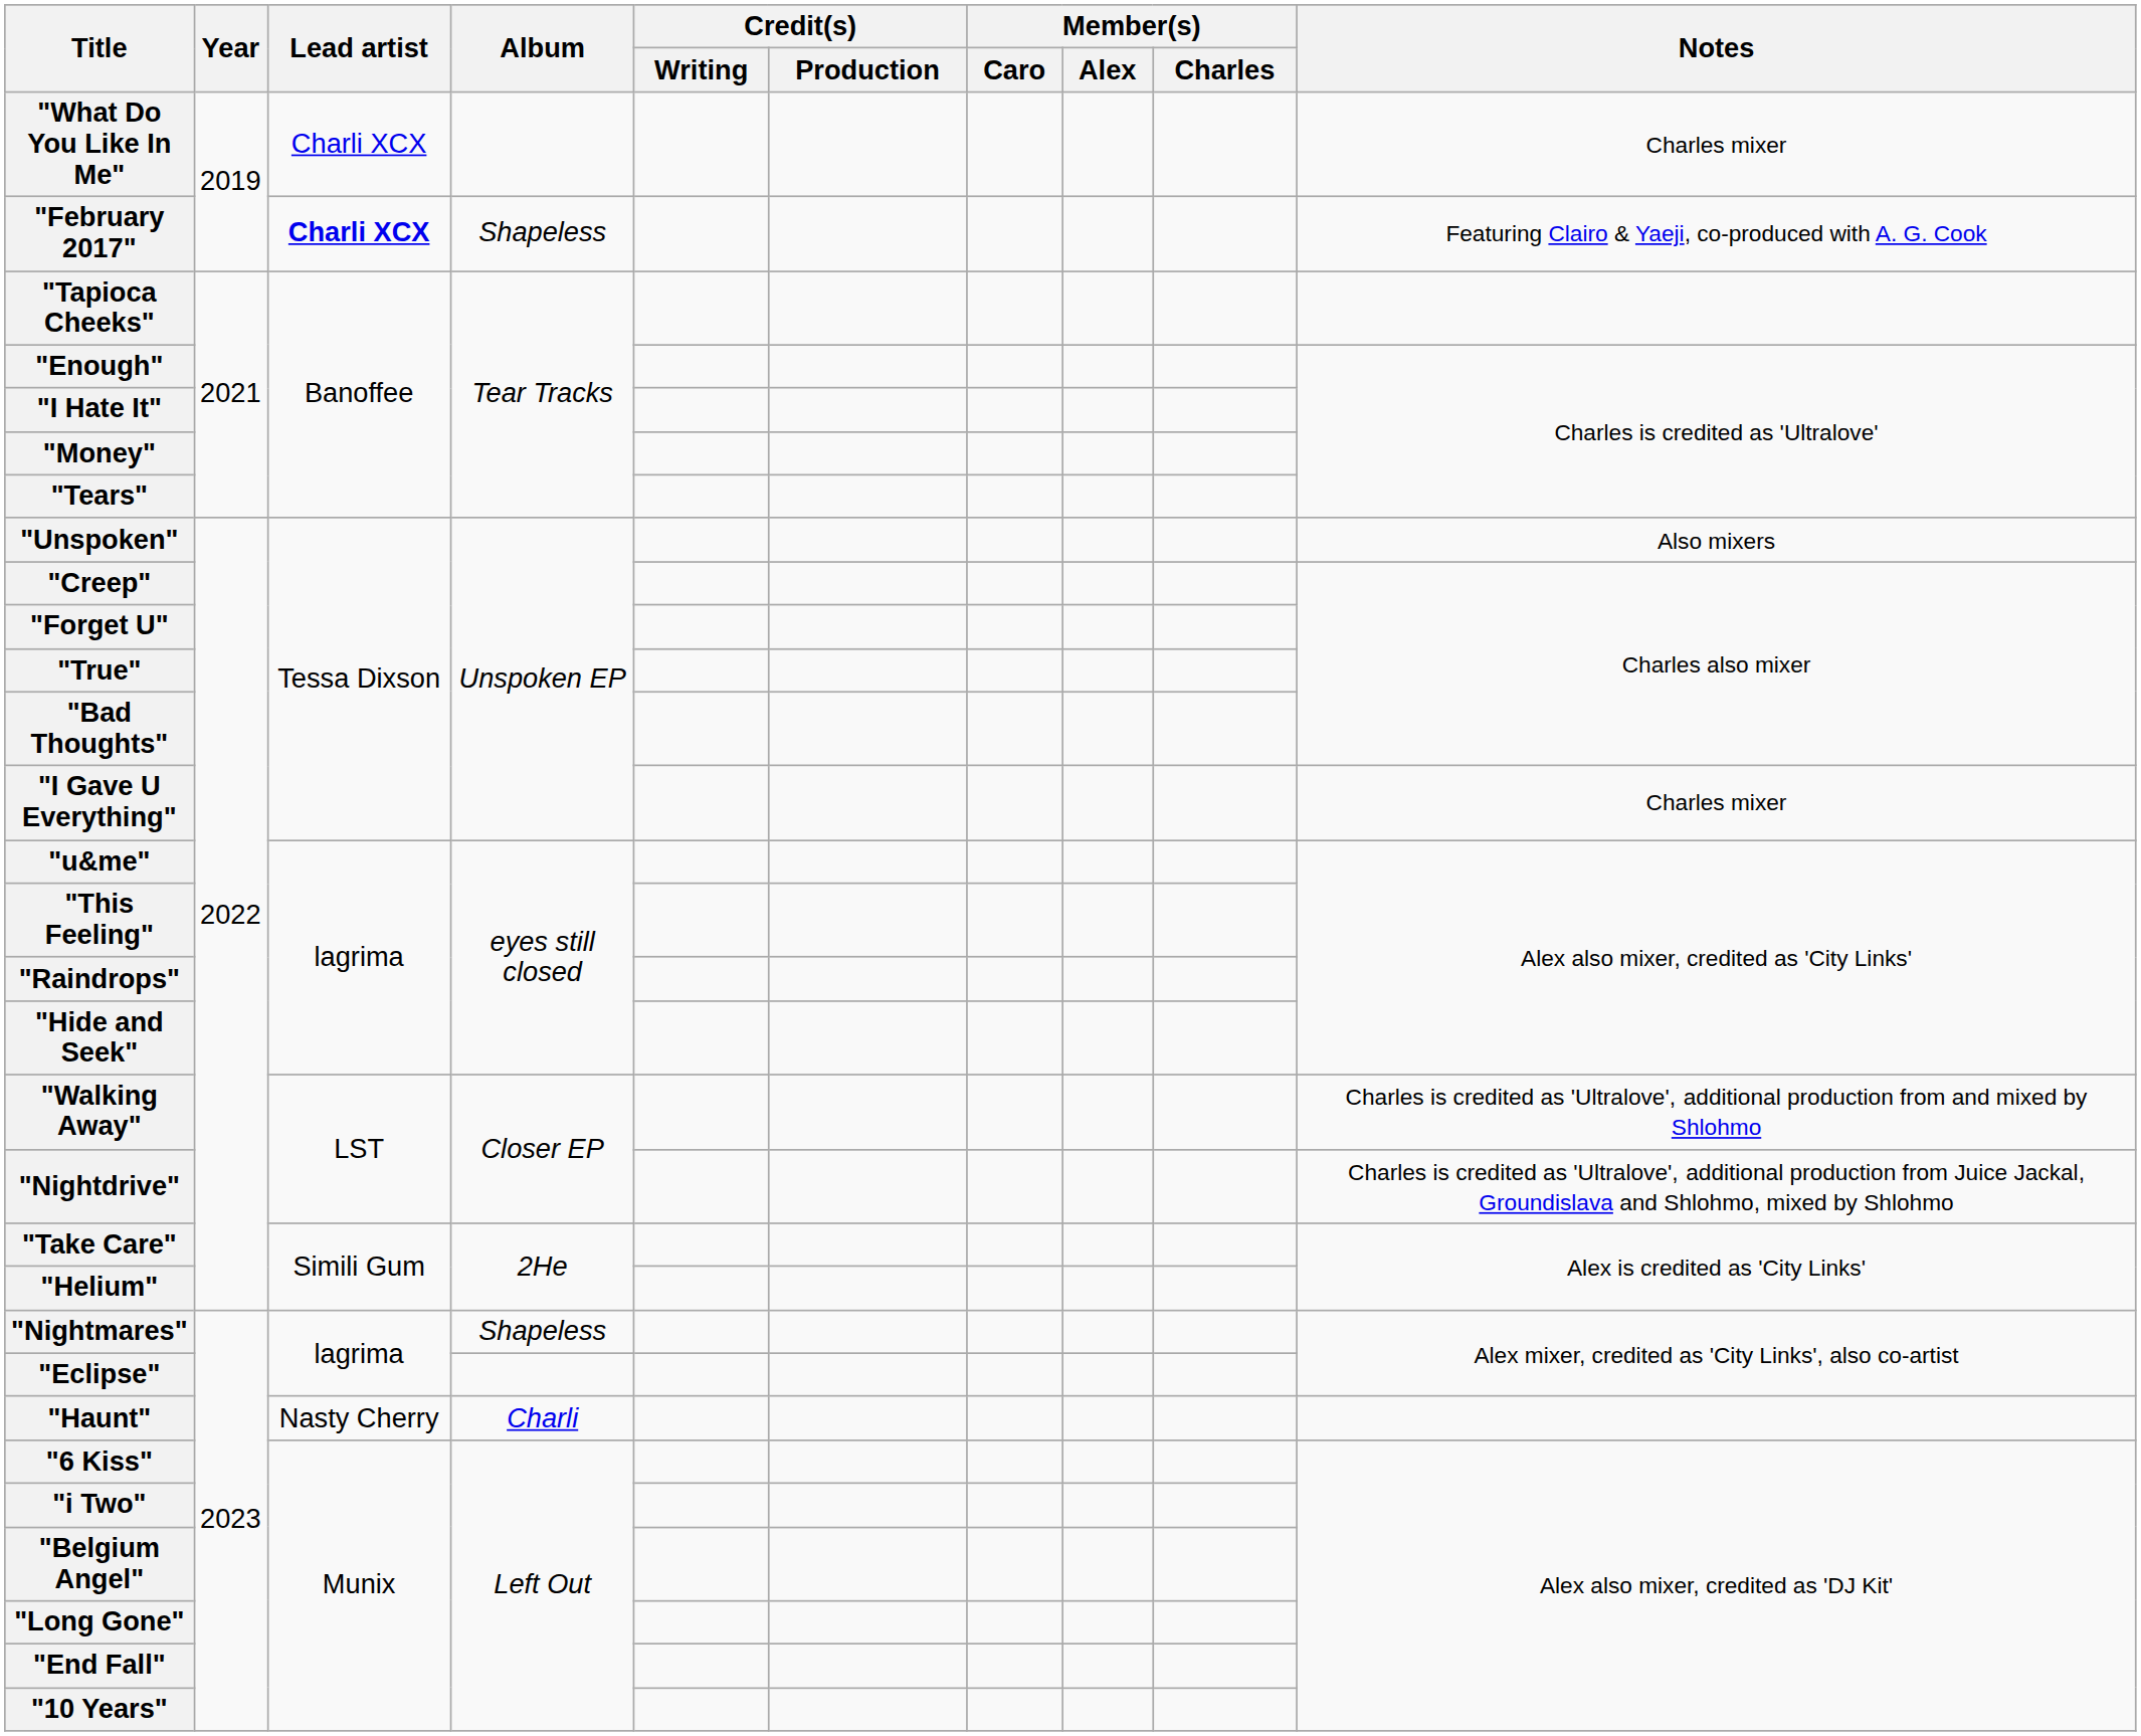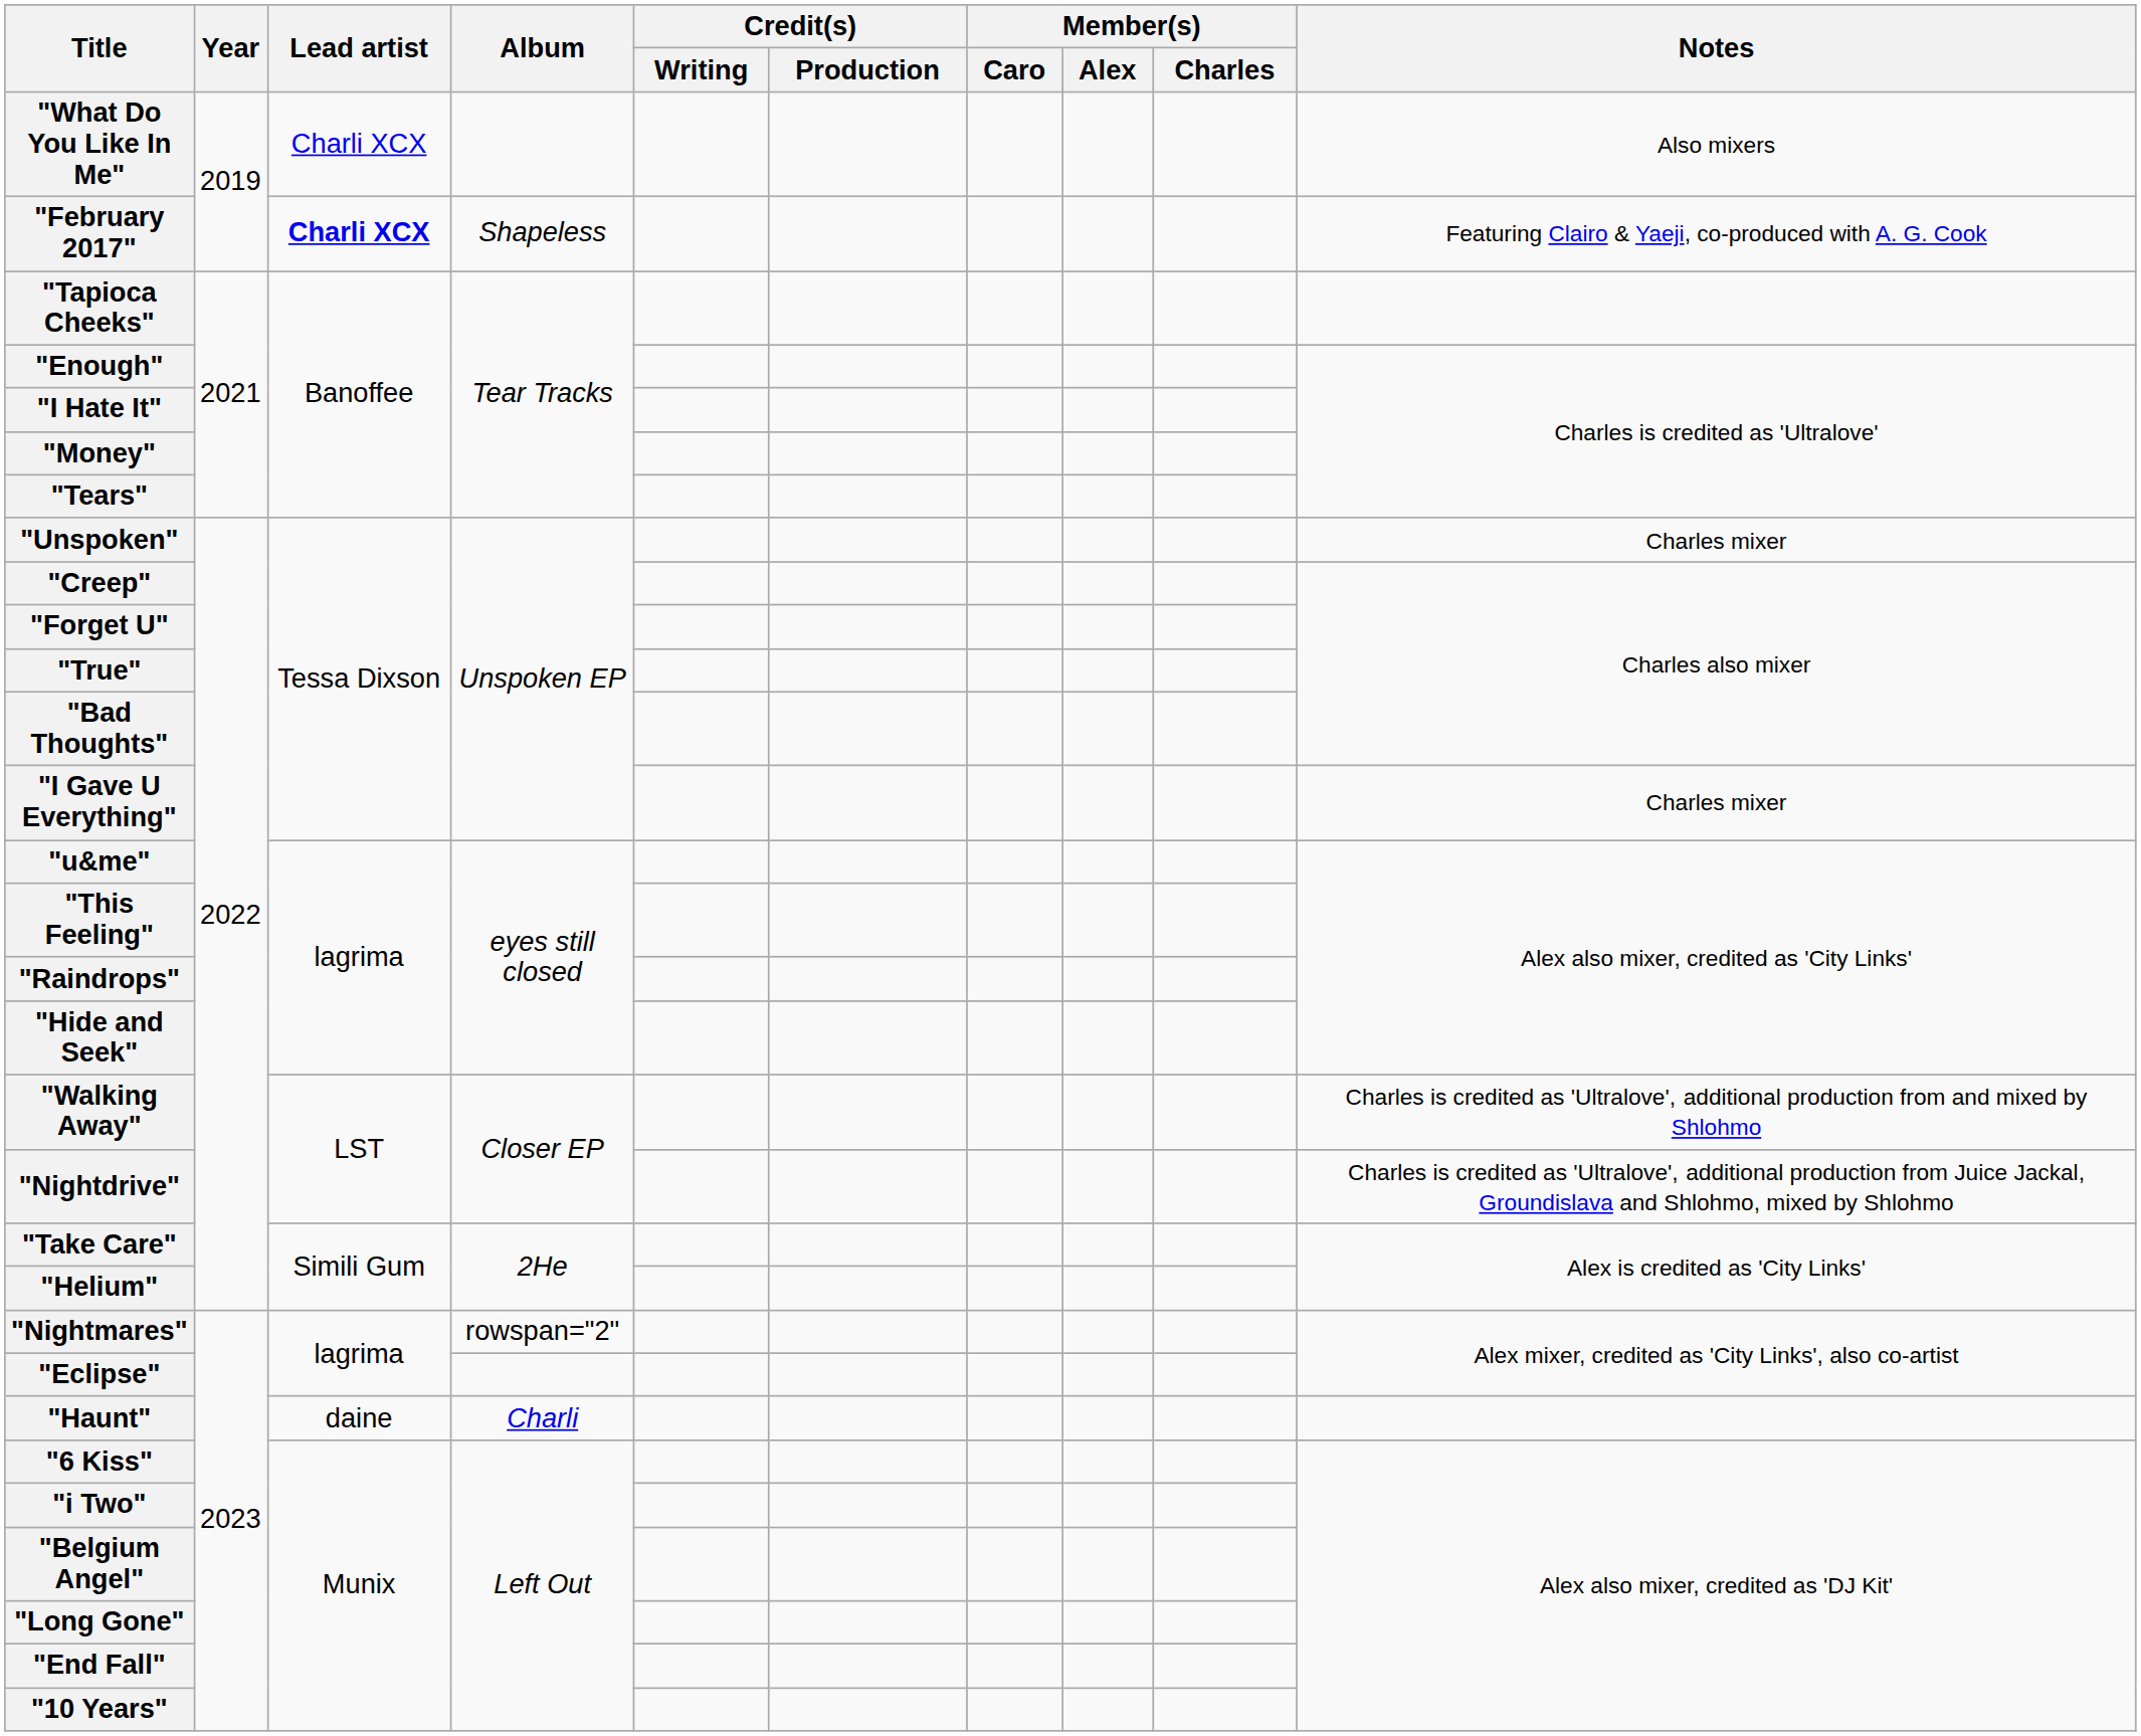 <table class="wikitable plainrowheaders" style="text-align:center;">
 <tr>
 <th rowspan="2" width="100" scope="col">Title</th>
 <th rowspan="2" width="30" scope="col">Year</th>
 <th rowspan="2" width="100" scope="col">Lead artist</th>
 <th rowspan="2" width="100" scope="col">Album</th>
 <th colspan="2" width="210" scope="col">Credit(s)</th>
 <th colspan="3" width="210" scope="col">Member(s)</th>
 <th rowspan="2" scope="col">Notes</th>
 </tr>
 <tr>
 <th scope="col">Writing</th>
 <th scope="col">Production</th>
 <th scope="col">Caro</th>
 <th scope="col">Alex</th>
 <th scope="col">Charles</th>
 </tr>
 <tr>
 <th scope="row">"What Do You Like In Me"</th>
 <td rowspan="2">2019</td>
 <td><a href='#'>Charli XCX</a></td>
 <td></td>
 <td></td>
 <td></td>
 <td></td>
 <td></td>
 <td></td>
-<td><small>Charles mixer</small></td>
+<td><small>Also mixers</small></td>
 </tr>
 <tr>
 <th scope="row">"February 2017"</th>
 <td><strong><a href='#'>Charli XCX</a></strong></td>
 <td><em>Shapeless</em></td>
 <td></td>
 <td></td>
 <td></td>
 <td></td>
 <td></td>
 <td><small>Featuring <a href='#'>Clairo</a> & <a href='#'>Yaeji</a>, co-produced with <a href='#'>A. G. Cook</a></small></td>
 </tr>
 <tr>
 <th scope="row">"Tapioca Cheeks"</th>
 <td rowspan="5">2021</td>
 <td rowspan="5">Banoffee</td>
 <td rowspan="5"><em>Tear Tracks</em></td>
 <td></td>
 <td></td>
 <td></td>
 <td></td>
 <td></td>
 <td></td>
 </tr>
 <tr>
 <th scope="row">"Enough"</th>
 <td></td>
 <td></td>
 <td></td>
 <td></td>
 <td></td>
 <td rowspan="4"><small>Charles is credited as 'Ultralove'</small></td>
 </tr>
 <tr>
 <th scope="row">"I Hate It"</th>
 <td></td>
 <td></td>
 <td></td>
 <td></td>
 <td></td>
 </tr>
 <tr>
 <th scope="row">"Money"</th>
 <td></td>
 <td></td>
 <td></td>
 <td></td>
 <td></td>
 </tr>
 <tr>
 <th scope="row">"Tears"</th>
 <td></td>
 <td></td>
 <td></td>
 <td></td>
 <td></td>
 </tr>
 <tr>
 <th scope="row">"Unspoken"</th>
 <td rowspan="14">2022</td>
 <td rowspan="6">Tessa Dixson</td>
 <td rowspan="6"><em>Unspoken EP</em></td>
 <td></td>
 <td></td>
 <td></td>
 <td></td>
 <td></td>
-<td><small>Also mixers</small></td>
+<td><small>Charles mixer</small></td>
 </tr>
 <tr>
 <th scope="row">"Creep"</th>
 <td></td>
 <td></td>
 <td></td>
 <td></td>
 <td></td>
 <td rowspan="4"><small>Charles also mixer</small></td>
 </tr>
 <tr>
 <th scope="row">"Forget U"</th>
 <td></td>
 <td></td>
 <td></td>
 <td></td>
 <td></td>
 </tr>
 <tr>
 <th scope="row">"True"</th>
 <td></td>
 <td></td>
 <td></td>
 <td></td>
 <td></td>
 </tr>
 <tr>
 <th scope="row">"Bad Thoughts"</th>
 <td></td>
 <td></td>
 <td></td>
 <td></td>
 <td></td>
 </tr>
 <tr>
 <th scope="row">"I Gave U Everything"</th>
 <td></td>
 <td></td>
 <td></td>
 <td></td>
 <td></td>
 <td><small>Charles mixer</small></td>
 </tr>
 <tr>
 <th scope="row">"u&me"</th>
 <td rowspan="4">lagrima</td>
 <td rowspan="4"><em>eyes still closed</em></td>
 <td></td>
 <td></td>
 <td></td>
 <td></td>
 <td></td>
 <td rowspan="4"><small>Alex also mixer, credited as 'City Links'</small></td>
 </tr>
 <tr>
 <th scope="row">"This Feeling"</th>
 <td></td>
 <td></td>
 <td></td>
 <td></td>
 <td></td>
 </tr>
 <tr>
 <th scope="row">"Raindrops"</th>
 <td></td>
 <td></td>
 <td></td>
 <td></td>
 <td></td>
 </tr>
 <tr>
 <th scope="row">"Hide and Seek"</th>
 <td></td>
 <td></td>
 <td></td>
 <td></td>
 <td></td>
 </tr>
 <tr>
 <th scope="row">"Walking Away"</th>
 <td rowspan="2">LST</td>
 <td rowspan="2"><em>Closer EP</em></td>
 <td></td>
 <td></td>
 <td></td>
 <td></td>
 <td></td>
 <td><small>Charles is credited as 'Ultralove',</small> <small>additional production from and mixed by <a href='#'>Shlohmo</a></small></td>
 </tr>
 <tr>
 <th scope="row">"Nightdrive"</th>
 <td></td>
 <td></td>
 <td></td>
 <td></td>
 <td></td>
 <td><small>Charles is credited as 'Ultralove',</small> <small>additional production from Juice Jackal, <a href='#'>Groundislava</a> and Shlohmo, mixed by Shlohmo</small></td>
 </tr>
 <tr>
 <th scope="row">"Take Care"</th>
 <td rowspan="2">Simili Gum</td>
 <td rowspan="2"><em>2He</em></td>
 <td></td>
 <td></td>
 <td></td>
 <td></td>
 <td></td>
 <td rowspan="2"><small>Alex is credited as 'City Links'</small></td>
 </tr>
 <tr>
 <th scope="row">"Helium"</th>
 <td></td>
 <td></td>
 <td></td>
 <td></td>
 <td></td>
 </tr>
 <tr>
 <th scope="row">"Nightmares"</th>
 <td rowspan="9">2023</td>
 <td rowspan="2">lagrima</td>
-<td><em>Shapeless</em></td>
+<td>rowspan="2" </td>
 <td></td>
 <td></td>
 <td></td>
 <td></td>
 <td></td>
 <td rowspan="2"><small>Alex mixer, credited as 'City Links', also co-artist</small></td>
 </tr>
 <tr>
 <th scope="row">"Eclipse"</th>
 <td></td>
 <td></td>
 <td></td>
 <td></td>
 <td></td>
 </tr>
 <tr>
 <th scope="row">"Haunt"</th>
-<td>Nasty Cherry</td>
+<td>daine</td>
 <td><em><a href='#'>Charli</a></em></td>
 <td></td>
 <td></td>
 <td></td>
 <td></td>
 <td></td>
 <td></td>
 </tr>
 <tr>
 <th scope="row">"6 Kiss"</th>
 <td rowspan="6">Munix</td>
 <td rowspan="6"><em>Left Out</em></td>
 <td></td>
 <td></td>
 <td></td>
 <td></td>
 <td></td>
 <td rowspan="6"><small>Alex also mixer, credited as 'DJ Kit'</small></td>
 </tr>
 <tr>
 <th scope="row">"i Two"</th>
 <td></td>
 <td></td>
 <td></td>
 <td></td>
 <td></td>
 </tr>
 <tr>
 <th scope="row">"Belgium Angel"</th>
 <td></td>
 <td></td>
 <td></td>
 <td></td>
 <td></td>
 </tr>
 <tr>
 <th scope="row">"Long Gone"</th>
 <td></td>
 <td></td>
 <td></td>
 <td></td>
 <td></td>
 </tr>
 <tr>
 <th scope="row">"End Fall"</th>
 <td></td>
 <td></td>
 <td></td>
 <td></td>
 <td></td>
 </tr>
 <tr>
 <th scope="row">"10 Years"</th>
 <td></td>
 <td></td>
 <td></td>
 <td></td>
 <td></td>
 </tr>
 </table>
